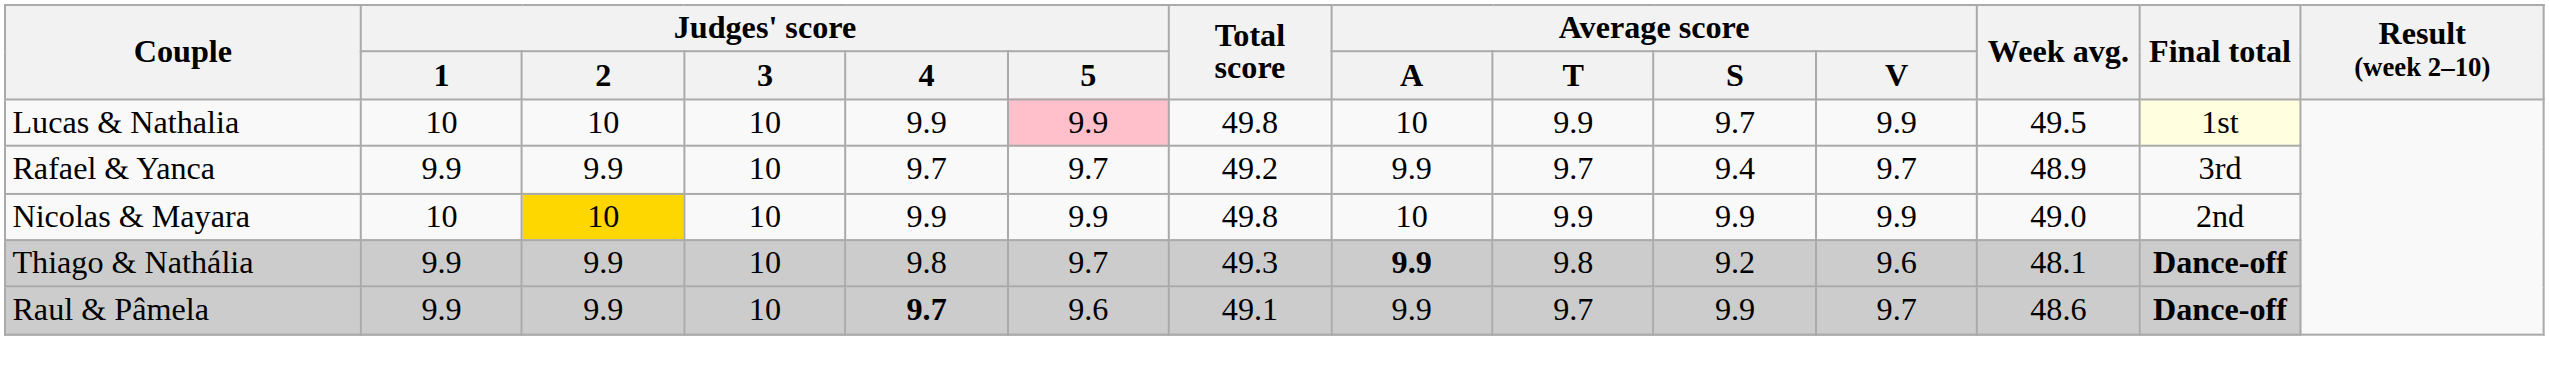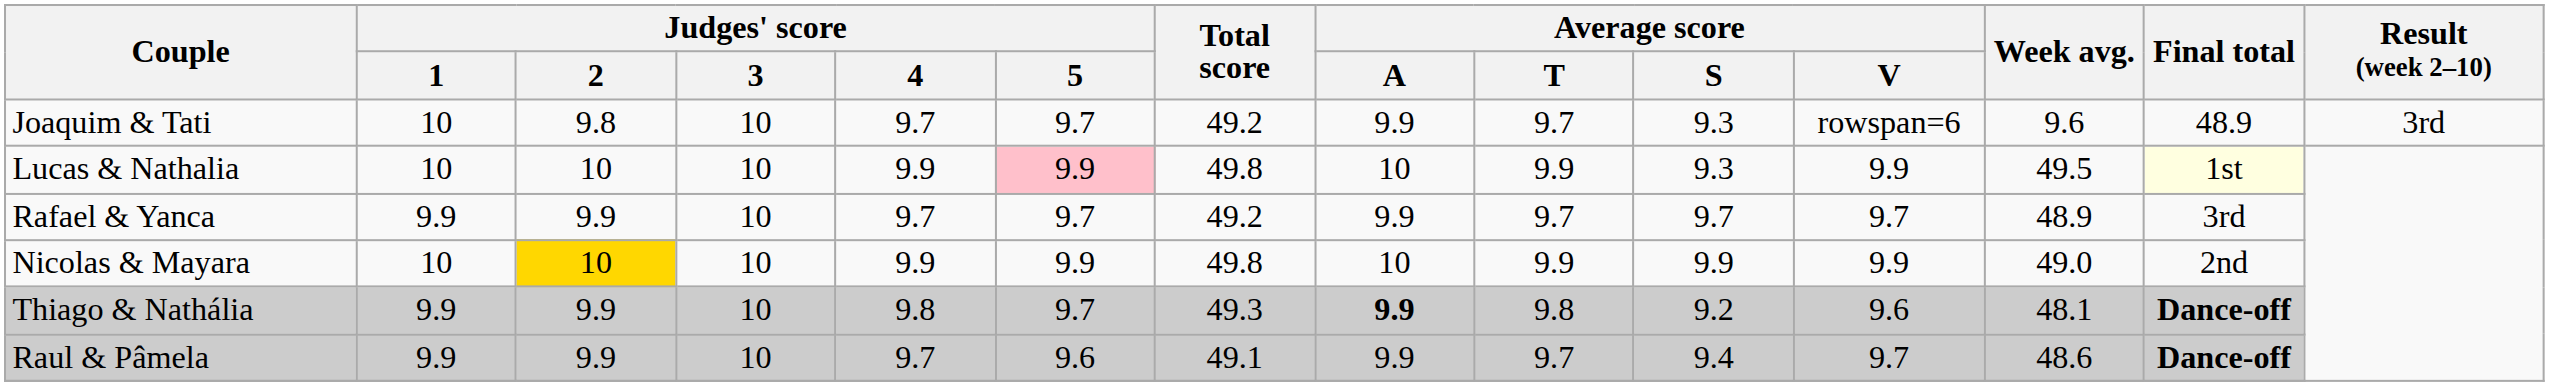 <table class="wikitable" style="font-size:100%; line-height:16px; text-align:center" width="100%">
 <tr>
 <th rowspan=2 style="width:11.0%;">Couple</th>
 <th colspan=5 style="width:25.0%;">Judges' score</th>
 <th rowspan=2 style="width:05.0%;">Total score</th>
 <th colspan=4 style="width:20.0%;">Average score</th>
 <th rowspan=2 style="width:05.0%;">Week avg.</th>
 <th rowspan=2 style="width:05.0%;">Final total</th>
 <th rowspan=2 style="width:07.5%;">Result <br> <small> (week 2–10) </small></th>
 </tr>
 <tr>
 <th style="width:05.0%;">1</th>
 <th style="width:05.0%;">2</th>
 <th style="width:05.0%;">3</th>
 <th style="width:05.0%;">4</th>
 <th style="width:05.0%;">5</th>
 <th style="width:05.0%;">A</th>
 <th style="width:05.0%;">T</th>
 <th style="width:05.0%;">S</th>
 <th style="width:05.0%;">V</th>
 </tr>
 <tr>
+<td align="left">Joaquim & Tati</td>
+<td>10</td>
+<td>9.8</td>
+<td>10</td>
+<td>9.7</td>
+<td>9.7</td>
+<td>49.2</td>
+<td>9.9</td>
+<td>9.7</td>
+<td>9.3</td>
+<td>rowspan=6 </td>
+<td>9.6</td>
+<td>48.9</td>
+<td>3rd</td>
+</tr>
+<tr>
 <td align="left">Lucas & Nathalia</td>
 <td>10</td>
 <td>10</td>
 <td>10</td>
 <td>9.9</td>
 <td style="background: pink;">9.9</td>
 <td>49.8</td>
 <td>10</td>
 <td>9.9</td>
-<td>9.7</td>
+<td>9.3</td>
 <td>9.9</td>
 <td>49.5</td>
 <td style="background: lightyellow;">1st</td>
 </tr>
 <tr>
 <td align="left">Rafael & Yanca</td>
 <td>9.9</td>
 <td>9.9</td>
 <td>10</td>
 <td>9.7</td>
 <td>9.7</td>
 <td>49.2</td>
 <td>9.9</td>
 <td>9.7</td>
-<td>9.4</td>
+<td>9.7</td>
 <td>9.7</td>
 <td>48.9</td>
 <td>3rd</td>
 </tr>
 <tr>
 <td align="left">Nicolas & Mayara</td>
 <td>10</td>
 <td style="background: gold;">10</td>
 <td>10</td>
 <td>9.9</td>
 <td>9.9</td>
 <td>49.8</td>
 <td>10</td>
 <td>9.9</td>
 <td>9.9</td>
 <td>9.9</td>
 <td>49.0</td>
 <td>2nd</td>
 </tr>
 <tr bgcolor="CCCCCC">
 <td align="left">Thiago & Nathália</td>
 <td>9.9</td>
 <td>9.9</td>
 <td>10</td>
 <td>9.8</td>
 <td>9.7</td>
 <td>49.3</td>
 <td><strong>9.9</strong></td>
 <td>9.8</td>
 <td>9.2</td>
 <td>9.6</td>
 <td>48.1</td>
 <td><strong>Dance-off</strong></td>
 </tr>
 <tr bgcolor="CCCCCC">
 <td align="left">Raul & Pâmela</td>
 <td>9.9</td>
 <td>9.9</td>
 <td>10</td>
-<td><strong>9.7</strong></td>
+<td>9.7</td>
 <td>9.6</td>
 <td>49.1</td>
 <td>9.9</td>
 <td>9.7</td>
-<td>9.9</td>
+<td>9.4</td>
 <td>9.7</td>
 <td>48.6</td>
 <td><strong>Dance-off</strong></td>
 </tr>
 <tr>
 </tr>
 </table>
